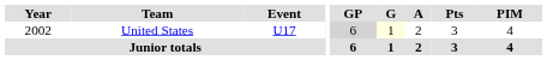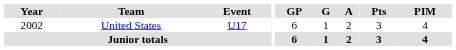 <table border="0" cellpadding="1" cellspacing="0" ID="Table3" style="text-align:center; width:40em">
 <tr ALIGN="center" bgcolor="#e0e0e0">
 <th>Year</th>
 <th>Team</th>
 <th>Event</th>
 <th rowspan="99" bgcolor="#ffffff"></th>
 <th>GP</th>
 <th>G</th>
 <th>A</th>
 <th>Pts</th>
 <th>PIM</th>
 </tr>
 <tr>
 <td>2002</td>
 <td><a href='#'>United States</a></td>
 <td><a href='#'>U17</a></td>
-<td style="background: lightgrey;">6</td>
-<td style="background: lightyellow;">1</td>
+<td>6</td>
+<td>1</td>
 <td>2</td>
 <td>3</td>
 <td>4</td>
 </tr>
 <tr bgcolor="#e0e0e0">
 <th colspan="3">Junior totals</th>
 <th>6</th>
 <th>1</th>
 <th>2</th>
 <th>3</th>
 <th>4</th>
 </tr>
 </table>
